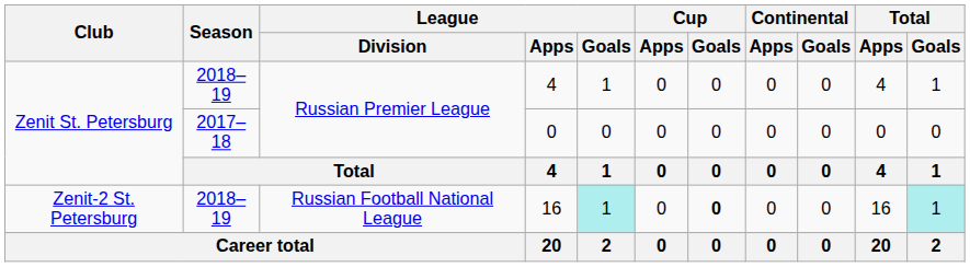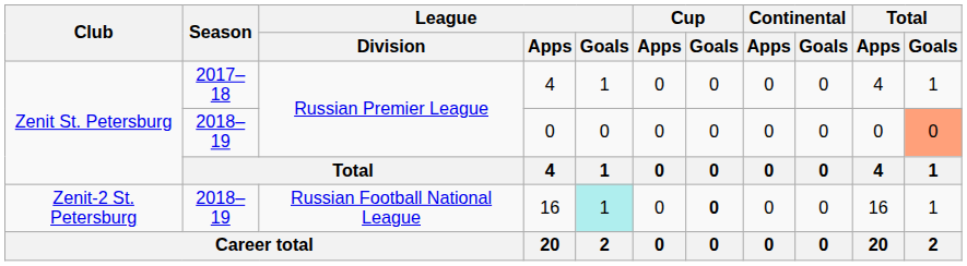 <table class="wikitable" style="text-align: center;">
 <tr>
 <th rowspan=2>Club</th>
 <th rowspan=2>Season</th>
 <th colspan=3>League</th>
 <th colspan=2>Cup</th>
 <th colspan=2>Continental</th>
 <th colspan=2>Total</th>
 </tr>
 <tr>
 <th>Division</th>
 <th>Apps</th>
 <th>Goals</th>
 <th>Apps</th>
 <th>Goals</th>
 <th>Apps</th>
 <th>Goals</th>
 <th>Apps</th>
 <th>Goals</th>
 </tr>
 <tr>
 <td rowspan="3"><a href='#'>Zenit St. Petersburg</a></td>
-<td><a href='#'>2018–19</a></td>
+<td><a href='#'>2017–18</a></td>
 <td rowspan="2"><a href='#'>Russian Premier League</a></td>
 <td>4</td>
 <td>1</td>
 <td>0</td>
 <td>0</td>
 <td>0</td>
 <td>0</td>
 <td>4</td>
 <td>1</td>
 </tr>
 <tr>
-<td><a href='#'>2017–18</a></td>
+<td><a href='#'>2018–19</a></td>
 <td>0</td>
 <td>0</td>
 <td>0</td>
 <td>0</td>
 <td>0</td>
 <td>0</td>
 <td>0</td>
-<td>0</td>
+<td style="background: lightsalmon;">0</td>
 </tr>
 <tr>
 <th colspan=2>Total</th>
 <th>4</th>
 <th>1</th>
 <th>0</th>
 <th>0</th>
 <th>0</th>
 <th>0</th>
 <th>4</th>
 <th>1</th>
 </tr>
 <tr>
 <td><a href='#'>Zenit-2 St. Petersburg</a></td>
 <td><a href='#'>2018–19</a></td>
 <td><a href='#'>Russian Football National League</a></td>
 <td>16</td>
 <td style="background: paleturquoise;">1</td>
 <td>0</td>
 <td><strong>0</strong></td>
 <td>0</td>
 <td>0</td>
 <td>16</td>
-<td style="background: paleturquoise;">1</td>
+<td>1</td>
 </tr>
 <tr>
 <th colspan=3>Career total</th>
 <th>20</th>
 <th>2</th>
 <th>0</th>
 <th>0</th>
 <th>0</th>
 <th>0</th>
 <th>20</th>
 <th>2</th>
 </tr>
 </table>
